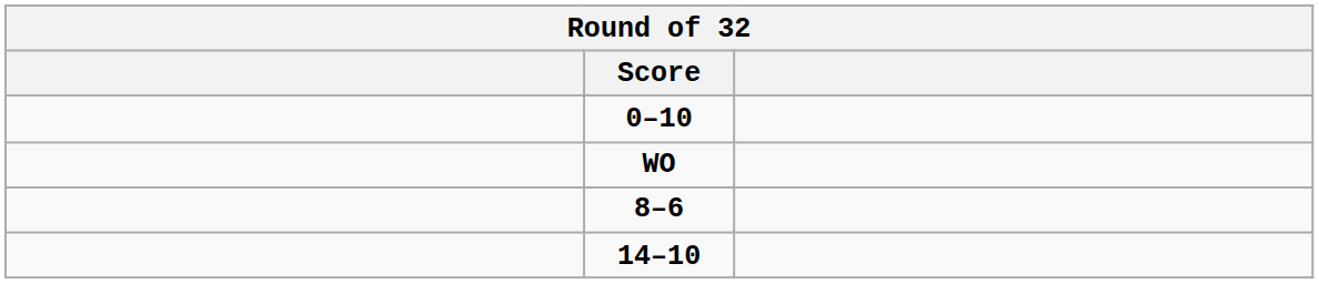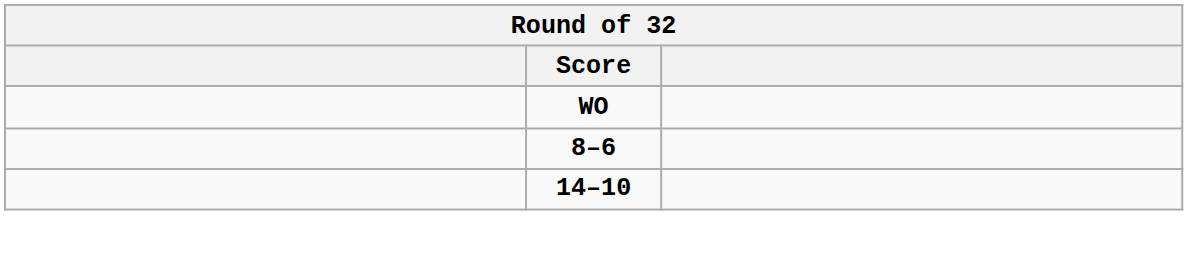 <table class="wikitable" style="text-align: center;">
 <tr>
 <th colspan=3>Round of 32</th>
 </tr>
 <tr>
 <th align="right" width="270"></th>
 <th width="65">Score</th>
 <th align="left" width="270"></th>
-</tr>
-<tr>
-<td align=left></td>
-<td align=center><strong>0–10</strong></td>
-<td align=left><strong></strong></td>
 </tr>
 <tr>
 <td align=left><strong></strong></td>
 <td align=center><strong>WO</strong></td>
 <td align=left><s></s></td>
 </tr>
 <tr>
 <td align=left><strong></strong></td>
 <td align=center><strong>8–6</strong></td>
 <td align=left></td>
 </tr>
 <tr>
 <td align=left><strong></strong></td>
 <td align=center><strong>14–10</strong></td>
 <td align=left></td>
 </tr>
 </table>
